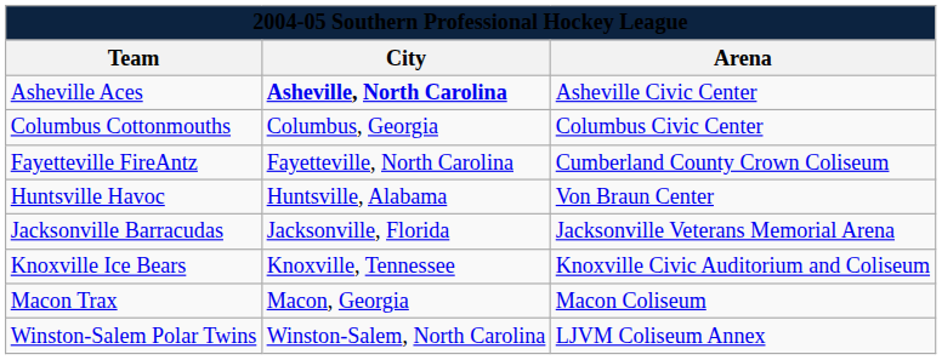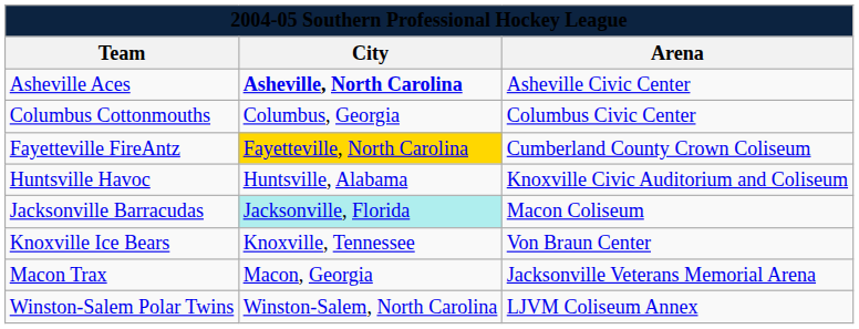 <table class="wikitable" style="width:auto">
 <tr>
 <td bgcolor="#0C2340" align="center" colspan="5"><strong><span>2004-05 Southern Professional Hockey League</span></strong></td>
 </tr>
 <tr>
 <th>Team</th>
 <th>City</th>
 <th>Arena</th>
 </tr>
 <tr>
 <td><a href='#'>Asheville Aces</a></td>
 <td><strong><a href='#'>Asheville</a>, <a href='#'>North Carolina</a></strong></td>
 <td><a href='#'>Asheville Civic Center</a></td>
 </tr>
 <tr>
 <td><a href='#'>Columbus Cottonmouths</a></td>
 <td><a href='#'>Columbus</a>, <a href='#'>Georgia</a></td>
 <td><a href='#'>Columbus Civic Center</a></td>
 </tr>
 <tr>
 <td><a href='#'>Fayetteville FireAntz</a></td>
-<td><a href='#'>Fayetteville</a>, <a href='#'>North Carolina</a></td>
+<td style="background: gold;"><a href='#'>Fayetteville</a>, <a href='#'>North Carolina</a></td>
 <td><a href='#'>Cumberland County Crown Coliseum</a></td>
 </tr>
 <tr>
 <td><a href='#'>Huntsville Havoc</a></td>
 <td><a href='#'>Huntsville</a>, <a href='#'>Alabama</a></td>
-<td><a href='#'>Von Braun Center</a></td>
+<td><a href='#'>Knoxville Civic Auditorium and Coliseum</a></td>
 </tr>
 <tr>
 <td><a href='#'>Jacksonville Barracudas</a></td>
-<td><a href='#'>Jacksonville</a>, <a href='#'>Florida</a></td>
-<td><a href='#'>Jacksonville Veterans Memorial Arena</a></td>
+<td style="background: paleturquoise;"><a href='#'>Jacksonville</a>, <a href='#'>Florida</a></td>
+<td><a href='#'>Macon Coliseum</a></td>
 </tr>
 <tr>
 <td><a href='#'>Knoxville Ice Bears</a></td>
 <td><a href='#'>Knoxville</a>, <a href='#'>Tennessee</a></td>
-<td><a href='#'>Knoxville Civic Auditorium and Coliseum</a></td>
+<td><a href='#'>Von Braun Center</a></td>
 </tr>
 <tr>
 <td><a href='#'>Macon Trax</a></td>
 <td><a href='#'>Macon</a>, <a href='#'>Georgia</a></td>
-<td><a href='#'>Macon Coliseum</a></td>
+<td><a href='#'>Jacksonville Veterans Memorial Arena</a></td>
 </tr>
 <tr>
 <td><a href='#'>Winston-Salem Polar Twins</a></td>
 <td><a href='#'>Winston-Salem</a>, <a href='#'>North Carolina</a></td>
 <td><a href='#'>LJVM Coliseum Annex</a></td>
 </tr>
 </table>
